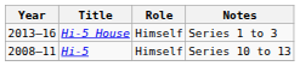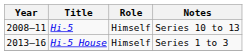 <table class="wikitable sortable">
 <tr>
 <th scope="col">Year</th>
 <th scope="col">Title</th>
 <th scope="col">Role</th>
 <th scope="col" class="unsortable">Notes</th>
 </tr>
 <tr>
+<td>2008–11</td>
+<td><em><a href='#'>Hi-5</a></em></td>
+<td>Himself</td>
+<td>Series 10 to 13</td>
+</tr>
+<tr>
 <td>2013–16</td>
 <td><em><a href='#'>Hi-5 House</a></em></td>
 <td>Himself</td>
 <td>Series 1 to 3</td>
 </tr>
 <tr>
-<td>2008–11</td>
-<td><em><a href='#'>Hi-5</a></em></td>
-<td>Himself</td>
-<td>Series 10 to 13</td>
-</tr>
-<tr>
 </tr>
 </table>
